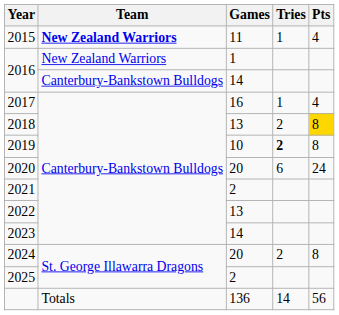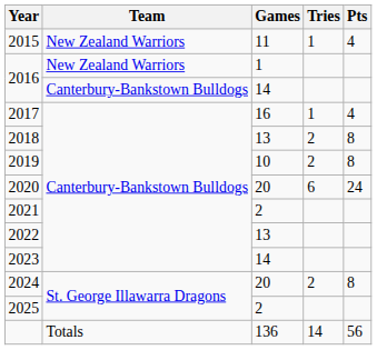 <table class="wikitable">
 <tr>
 <th>Year</th>
 <th>Team</th>
 <th>Games</th>
 <th>Tries</th>
 <th>Pts</th>
 </tr>
 <tr>
 <td>2015</td>
-<td><strong> <a href='#'>New Zealand Warriors</a></strong></td>
+<td> <a href='#'>New Zealand Warriors</a></td>
 <td>11</td>
 <td>1</td>
 <td>4</td>
 </tr>
 <tr>
 <td rowspan="2">2016</td>
 <td> <a href='#'>New Zealand Warriors</a></td>
 <td>1</td>
 <td></td>
 <td></td>
 </tr>
 <tr>
 <td> <a href='#'>Canterbury-Bankstown Bulldogs</a></td>
 <td>14</td>
 <td></td>
 <td></td>
 </tr>
 <tr>
 <td>2017</td>
 <td rowspan="7"> <a href='#'>Canterbury-Bankstown Bulldogs</a></td>
 <td>16</td>
 <td>1</td>
 <td>4</td>
 </tr>
 <tr>
 <td>2018</td>
 <td>13</td>
 <td>2</td>
-<td style="background: gold;">8</td>
+<td>8</td>
 </tr>
 <tr>
 <td>2019</td>
 <td>10</td>
-<td><strong>2</strong></td>
+<td>2</td>
 <td>8</td>
 </tr>
 <tr>
 <td>2020</td>
 <td>20</td>
 <td>6</td>
 <td>24</td>
 </tr>
 <tr>
 <td>2021</td>
 <td>2</td>
 <td></td>
 <td></td>
 </tr>
 <tr>
 <td>2022</td>
 <td>13</td>
 <td></td>
 <td></td>
 </tr>
 <tr>
 <td>2023</td>
 <td>14</td>
 <td></td>
 <td></td>
 </tr>
 <tr>
 <td>2024</td>
 <td rowspan="2"> <a href='#'>St. George Illawarra Dragons</a></td>
 <td>20</td>
 <td>2</td>
 <td>8</td>
 </tr>
 <tr>
 <td>2025</td>
 <td>2</td>
 <td></td>
 <td></td>
 </tr>
 <tr>
 <td></td>
 <td>Totals</td>
 <td>136</td>
 <td>14</td>
 <td>56</td>
 </tr>
 </table>
